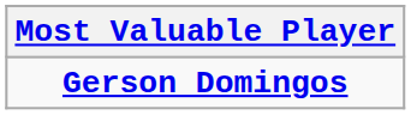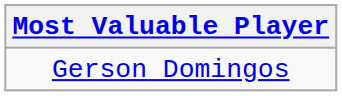 <table class=wikitable style="text-align:center; margin:auto">
 <tr>
 <th><a href='#'>Most Valuable Player</a></th>
 </tr>
 <tr>
-<td><strong> <a href='#'>Gerson Domingos</a></strong></td>
+<td> <a href='#'>Gerson Domingos</a></td>
 </tr>
 </table>
